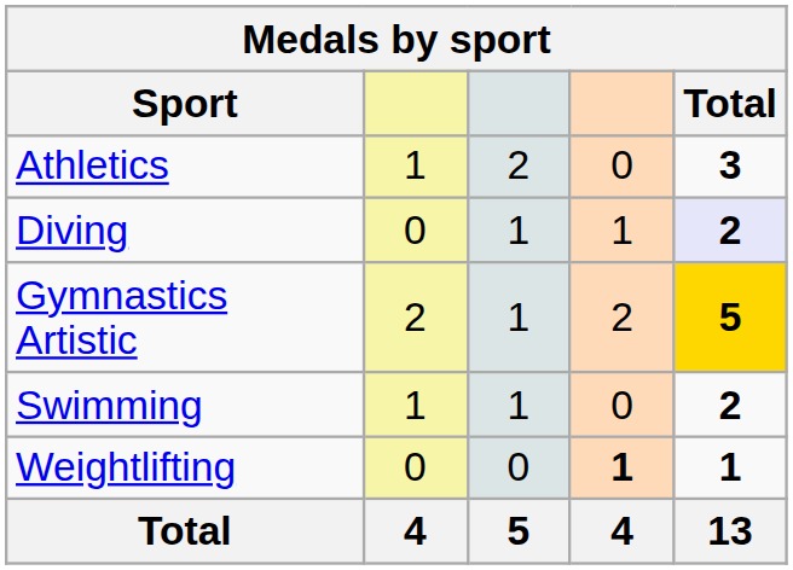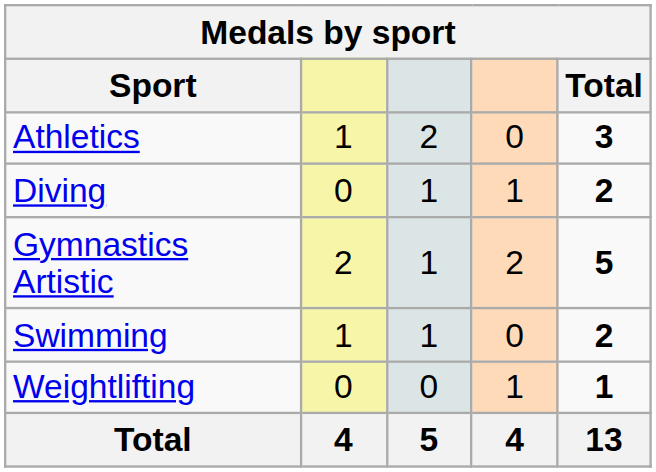 <table class="wikitable" style="font-size:90%; text-align:center;">
 <tr>
 <th colspan=5>Medals by sport</th>
 </tr>
 <tr>
 <th width=120>Sport</th>
 <th scope="col" width=30 style="background:#F7F6A8;"></th>
 <th scope="col" width=30 style="background:#DCE5E5;"></th>
 <th scope="col" width=30 style="background:#FFDAB9;"></th>
 <th width=30>Total</th>
 </tr>
 <tr>
 <td align=left><a href='#'>Athletics</a></td>
 <td style="background:#F7F6A8;">1</td>
 <td style="background:#DCE5E5;">2</td>
 <td style="background:#FFDAB9;">0</td>
 <td><strong>3</strong></td>
 </tr>
 <tr>
 <td align=left><a href='#'>Diving</a></td>
 <td style="background:#F7F6A8;">0</td>
 <td style="background:#DCE5E5;">1</td>
 <td style="background:#FFDAB9;">1</td>
-<td style="background: lavender;"><strong>2</strong></td>
+<td><strong>2</strong></td>
 </tr>
 <tr>
 <td align=left><a href='#'>Gymnastics Artistic</a></td>
 <td style="background:#F7F6A8;">2</td>
 <td style="background:#DCE5E5;">1</td>
 <td style="background:#FFDAB9;">2</td>
-<td style="background: gold;"><strong>5</strong></td>
+<td><strong>5</strong></td>
 </tr>
 <tr>
 <td align=left><a href='#'>Swimming</a></td>
 <td style="background:#F7F6A8;">1</td>
 <td style="background:#DCE5E5;">1</td>
 <td style="background:#FFDAB9;">0</td>
 <td><strong>2</strong></td>
 </tr>
 <tr>
 <td align=left><a href='#'>Weightlifting</a></td>
 <td style="background:#F7F6A8;">0</td>
 <td style="background:#DCE5E5;">0</td>
-<td style="background:#FFDAB9;"><strong>1</strong></td>
+<td style="background:#FFDAB9;">1</td>
 <td><strong>1</strong></td>
 </tr>
 <tr class="sortbottom">
 <th>Total</th>
 <th>4</th>
 <th>5</th>
 <th>4</th>
 <th>13</th>
 </tr>
 </table>
